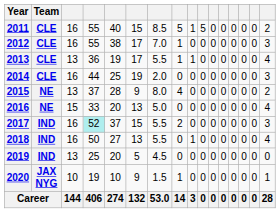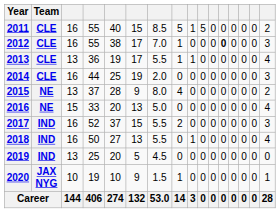 <table class="wikitable sortable" style="text-align:center">
 <tr>
 <th>Year</th>
 <th>Team</th>
 <th></th>
 <th></th>
 <th></th>
 <th></th>
 <th></th>
 <th></th>
 <th></th>
 <th></th>
 <th></th>
 <th></th>
 <th></th>
 <th></th>
 <th></th>
 <th></th>
 </tr>
 <tr>
 <th><a href='#'>2011</a></th>
 <th><a href='#'>CLE</a></th>
 <td>16</td>
 <td>55</td>
 <td>40</td>
 <td>15</td>
 <td>8.5</td>
 <td>5</td>
 <td>1</td>
 <td>5</td>
 <td>0</td>
 <td>0</td>
 <td>0</td>
 <td>0</td>
 <td>0</td>
 <td>2</td>
 </tr>
 <tr>
 <th><a href='#'>2012</a></th>
 <th><a href='#'>CLE</a></th>
 <td>16</td>
 <td>55</td>
 <td>38</td>
 <td>17</td>
 <td>7.0</td>
 <td>1</td>
 <td>0</td>
 <td>0</td>
 <td>0</td>
-<td>0</td>
+<td><strong>0</strong></td>
 <td>0</td>
 <td>0</td>
 <td>0</td>
 <td>3</td>
 </tr>
 <tr>
 <th><a href='#'>2013</a></th>
 <th><a href='#'>CLE</a></th>
 <td>13</td>
 <td>36</td>
 <td>19</td>
 <td>17</td>
 <td>5.5</td>
 <td>1</td>
 <td>1</td>
 <td>0</td>
 <td>0</td>
 <td>0</td>
 <td>0</td>
 <td>0</td>
 <td>0</td>
 <td>4</td>
 </tr>
 <tr>
 <th><a href='#'>2014</a></th>
 <th><a href='#'>CLE</a></th>
 <td>16</td>
 <td>44</td>
 <td>25</td>
 <td>19</td>
 <td>2.0</td>
 <td>0</td>
 <td>0</td>
 <td>0</td>
 <td>0</td>
 <td>0</td>
 <td>0</td>
 <td>0</td>
 <td>0</td>
 <td>3</td>
 </tr>
 <tr>
 <th><a href='#'>2015</a></th>
 <th><a href='#'>NE</a></th>
 <td>13</td>
 <td>37</td>
 <td>28</td>
 <td>9</td>
 <td>8.0</td>
 <td>4</td>
 <td>0</td>
 <td>0</td>
 <td>0</td>
 <td>0</td>
 <td>0</td>
 <td>0</td>
 <td>0</td>
 <td>2</td>
 </tr>
 <tr>
 <th><a href='#'>2016</a></th>
 <th><a href='#'>NE</a></th>
 <td>15</td>
 <td>33</td>
 <td>20</td>
 <td>13</td>
 <td>5.0</td>
 <td>0</td>
 <td>0</td>
 <td>0</td>
 <td>0</td>
 <td>0</td>
 <td>0</td>
 <td>0</td>
 <td>0</td>
 <td>4</td>
 </tr>
 <tr>
 <th><a href='#'>2017</a></th>
 <th><a href='#'>IND</a></th>
 <td>16</td>
-<td style="background: paleturquoise;">52</td>
+<td>52</td>
 <td>37</td>
 <td>15</td>
 <td>5.5</td>
 <td>2</td>
 <td>0</td>
 <td>0</td>
 <td>0</td>
 <td>0</td>
 <td>0</td>
 <td>0</td>
 <td>0</td>
 <td>3</td>
 </tr>
 <tr>
 <th><a href='#'>2018</a></th>
 <th><a href='#'>IND</a></th>
 <td>16</td>
 <td>50</td>
 <td>27</td>
 <td>13</td>
 <td>5.5</td>
 <td>0</td>
 <td>1</td>
 <td>0</td>
 <td>0</td>
 <td>0</td>
 <td>0</td>
 <td>0</td>
 <td>0</td>
 <td>4</td>
 </tr>
 <tr>
 <th><a href='#'>2019</a></th>
 <th><a href='#'>IND</a></th>
 <td>13</td>
 <td>25</td>
 <td>20</td>
 <td>5</td>
 <td>4.5</td>
 <td>0</td>
 <td>0</td>
 <td>0</td>
 <td>0</td>
 <td>0</td>
 <td>0</td>
 <td>0</td>
 <td>0</td>
 <td>0</td>
 </tr>
 <tr>
 <th><a href='#'>2020</a></th>
 <th><a href='#'>JAX</a><br><a href='#'>NYG</a></th>
 <td>10</td>
 <td>19</td>
 <td>10</td>
 <td>9</td>
 <td>1.5</td>
 <td>1</td>
 <td>0</td>
 <td>0</td>
 <td>0</td>
 <td>0</td>
 <td>0</td>
 <td>0</td>
 <td>0</td>
 <td>1</td>
 </tr>
 <tr>
 <th colspan="2">Career</th>
 <th>144</th>
 <th>406</th>
 <th>274</th>
 <th>132</th>
 <th>53.0</th>
 <th>14</th>
 <th>3</th>
 <th>0</th>
 <th>0</th>
 <th>0</th>
 <th>0</th>
 <th>0</th>
 <th>0</th>
 <th>28</th>
 </tr>
 </table>
